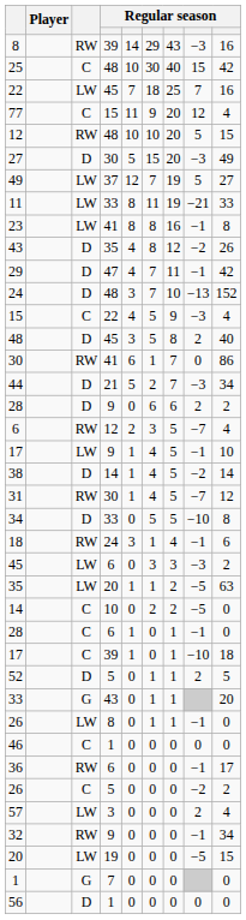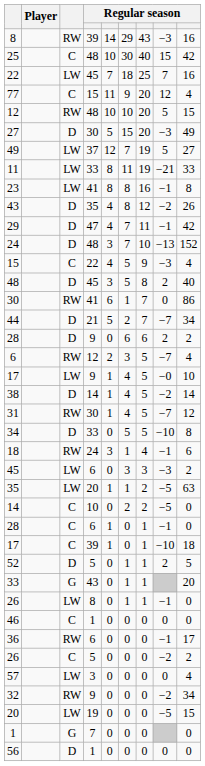 <table class="wikitable sortable plainrowheaders" style="text-align:center;">
 <tr>
 <th scope="col" data-sort-type="number" rowspan="2"></th>
 <th scope="col" rowspan="2">Player</th>
 <th scope="col" rowspan="2"></th>
 <th scope=colgroup colspan=6>Regular season</th>
 </tr>
 <tr>
 <th scope="col" data-sort-type="number"></th>
 <th scope="col" data-sort-type="number"></th>
 <th scope="col" data-sort-type="number"></th>
 <th scope="col" data-sort-type="number"></th>
 <th scope="col" data-sort-type="number"></th>
 <th scope="col" data-sort-type="number"></th>
 </tr>
 <tr>
 <td scope="row">8</td>
 <td align="left"></td>
 <td>RW</td>
 <td>39</td>
 <td>14</td>
 <td>29</td>
 <td>43</td>
 <td>−3</td>
 <td>16</td>
 </tr>
 <tr>
 <td scope="row">25</td>
 <td align="left"></td>
 <td>C</td>
 <td>48</td>
 <td>10</td>
 <td>30</td>
 <td>40</td>
 <td>15</td>
 <td>42</td>
 </tr>
 <tr>
 <td scope="row">22</td>
 <td align="left"></td>
 <td>LW</td>
 <td>45</td>
 <td>7</td>
 <td>18</td>
 <td>25</td>
 <td>7</td>
 <td>16</td>
 </tr>
 <tr>
 <td scope="row">77</td>
 <td align="left"></td>
 <td>C</td>
 <td>15</td>
 <td>11</td>
 <td>9</td>
 <td>20</td>
 <td>12</td>
 <td>4</td>
 </tr>
 <tr>
 <td scope="row">12</td>
 <td align="left"></td>
 <td>RW</td>
 <td>48</td>
 <td>10</td>
 <td>10</td>
 <td>20</td>
 <td>5</td>
 <td>15</td>
 </tr>
 <tr>
 <td scope="row">27</td>
 <td align="left"></td>
 <td>D</td>
 <td>30</td>
 <td>5</td>
 <td>15</td>
 <td>20</td>
 <td>−3</td>
 <td>49</td>
 </tr>
 <tr>
 <td scope="row">49</td>
 <td align="left"></td>
 <td>LW</td>
 <td>37</td>
 <td>12</td>
 <td>7</td>
 <td>19</td>
 <td>5</td>
 <td>27</td>
 </tr>
 <tr>
 <td scope="row">11</td>
 <td align="left"></td>
 <td>LW</td>
 <td>33</td>
 <td>8</td>
 <td>11</td>
 <td>19</td>
 <td>−21</td>
 <td>33</td>
 </tr>
 <tr>
 <td scope="row">23</td>
 <td align="left"></td>
 <td>LW</td>
 <td>41</td>
 <td>8</td>
 <td>8</td>
 <td>16</td>
 <td>−1</td>
 <td>8</td>
 </tr>
 <tr>
 <td scope="row">43</td>
 <td align="left"></td>
 <td>D</td>
 <td>35</td>
 <td>4</td>
 <td>8</td>
 <td>12</td>
 <td>−2</td>
 <td>26</td>
 </tr>
 <tr>
 <td scope="row">29</td>
 <td align="left"></td>
 <td>D</td>
 <td>47</td>
 <td>4</td>
 <td>7</td>
 <td>11</td>
 <td>−1</td>
 <td>42</td>
 </tr>
 <tr>
 <td scope="row">24</td>
 <td align="left"></td>
 <td>D</td>
 <td>48</td>
 <td>3</td>
 <td>7</td>
 <td>10</td>
 <td>−13</td>
 <td>152</td>
 </tr>
 <tr>
 <td scope="row">15</td>
 <td align="left"></td>
 <td>C</td>
 <td>22</td>
 <td>4</td>
 <td>5</td>
 <td>9</td>
 <td>−3</td>
 <td>4</td>
 </tr>
 <tr>
 <td scope="row">48</td>
 <td align="left"></td>
 <td>D</td>
 <td>45</td>
 <td>3</td>
 <td>5</td>
 <td>8</td>
 <td>2</td>
 <td>40</td>
 </tr>
 <tr>
 <td scope="row">30</td>
 <td align="left"></td>
 <td>RW</td>
 <td>41</td>
 <td>6</td>
 <td>1</td>
 <td>7</td>
 <td>0</td>
 <td>86</td>
 </tr>
 <tr>
 <td scope="row">44</td>
 <td align="left"></td>
 <td>D</td>
 <td>21</td>
 <td>5</td>
 <td>2</td>
 <td>7</td>
-<td>−3</td>
+<td>−7</td>
 <td>34</td>
 </tr>
 <tr>
 <td scope="row">28</td>
 <td align="left"></td>
 <td>D</td>
 <td>9</td>
 <td>0</td>
 <td>6</td>
 <td>6</td>
 <td>2</td>
 <td>2</td>
 </tr>
 <tr>
 <td scope="row">6</td>
 <td align="left"></td>
 <td>RW</td>
 <td>12</td>
 <td>2</td>
 <td>3</td>
 <td>5</td>
 <td>−7</td>
 <td>4</td>
 </tr>
 <tr>
 <td scope="row">17</td>
 <td align="left"></td>
 <td>LW</td>
 <td>9</td>
 <td>1</td>
 <td>4</td>
 <td>5</td>
-<td>−1</td>
+<td>−0</td>
 <td>10</td>
 </tr>
 <tr>
 <td scope="row">38</td>
 <td align="left"></td>
 <td>D</td>
 <td>14</td>
 <td>1</td>
 <td>4</td>
 <td>5</td>
 <td>−2</td>
 <td>14</td>
 </tr>
 <tr>
 <td scope="row">31</td>
 <td align="left"></td>
 <td>RW</td>
 <td>30</td>
 <td>1</td>
 <td>4</td>
 <td>5</td>
 <td>−7</td>
 <td>12</td>
 </tr>
 <tr>
 <td scope="row">34</td>
 <td align="left"></td>
 <td>D</td>
 <td>33</td>
 <td>0</td>
 <td>5</td>
 <td>5</td>
 <td>−10</td>
 <td>8</td>
 </tr>
 <tr>
 <td scope="row">18</td>
 <td align="left"></td>
 <td>RW</td>
 <td>24</td>
 <td>3</td>
 <td>1</td>
 <td>4</td>
 <td>−1</td>
 <td>6</td>
 </tr>
 <tr>
 <td scope="row">45</td>
 <td align="left"></td>
 <td>LW</td>
 <td>6</td>
 <td>0</td>
 <td>3</td>
 <td>3</td>
 <td>−3</td>
 <td>2</td>
 </tr>
 <tr>
 <td scope="row">35</td>
 <td align="left"></td>
 <td>LW</td>
 <td>20</td>
 <td>1</td>
 <td>1</td>
 <td>2</td>
 <td>−5</td>
 <td>63</td>
 </tr>
 <tr>
 <td scope="row">14</td>
 <td align="left"></td>
 <td>C</td>
 <td>10</td>
 <td>0</td>
 <td>2</td>
 <td>2</td>
 <td>−5</td>
 <td>0</td>
 </tr>
 <tr>
 <td scope="row">28</td>
 <td align="left"></td>
 <td>C</td>
 <td>6</td>
 <td>1</td>
 <td>0</td>
 <td>1</td>
 <td>−1</td>
 <td>0</td>
 </tr>
 <tr>
 <td scope="row">17</td>
 <td align="left"></td>
 <td>C</td>
 <td>39</td>
 <td>1</td>
 <td>0</td>
 <td>1</td>
 <td>−10</td>
 <td>18</td>
 </tr>
 <tr>
 <td scope="row">52</td>
 <td align="left"></td>
 <td>D</td>
 <td>5</td>
 <td>0</td>
 <td>1</td>
 <td>1</td>
 <td>2</td>
 <td>5</td>
 </tr>
 <tr>
 <td scope="row">33</td>
 <td align="left"></td>
 <td>G</td>
 <td>43</td>
 <td>0</td>
 <td>1</td>
 <td>1</td>
 <td style="background:#ccc"></td>
 <td>20</td>
 </tr>
 <tr>
 <td scope="row">26</td>
 <td align="left"></td>
 <td>LW</td>
 <td>8</td>
 <td>0</td>
 <td>1</td>
 <td>1</td>
 <td>−1</td>
 <td>0</td>
 </tr>
 <tr>
 <td scope="row">46</td>
 <td align="left"></td>
 <td>C</td>
 <td>1</td>
 <td>0</td>
 <td>0</td>
 <td>0</td>
 <td>0</td>
 <td>0</td>
 </tr>
 <tr>
 <td scope="row">36</td>
 <td align="left"></td>
 <td>RW</td>
 <td>6</td>
 <td>0</td>
 <td>0</td>
 <td>0</td>
 <td>−1</td>
 <td>17</td>
 </tr>
 <tr>
 <td scope="row">26</td>
 <td align="left"></td>
 <td>C</td>
 <td>5</td>
 <td>0</td>
 <td>0</td>
 <td>0</td>
 <td>−2</td>
 <td>2</td>
 </tr>
 <tr>
 <td scope="row">57</td>
 <td align="left"></td>
 <td>LW</td>
 <td>3</td>
 <td>0</td>
 <td>0</td>
 <td>0</td>
-<td>2</td>
+<td>0</td>
 <td>4</td>
 </tr>
 <tr>
 <td scope="row">32</td>
 <td align="left"></td>
 <td>RW</td>
 <td>9</td>
 <td>0</td>
 <td>0</td>
 <td>0</td>
-<td>−1</td>
+<td>−2</td>
 <td>34</td>
 </tr>
 <tr>
 <td scope="row">20</td>
 <td align="left"></td>
 <td>LW</td>
 <td>19</td>
 <td>0</td>
 <td>0</td>
 <td>0</td>
 <td>−5</td>
 <td>15</td>
 </tr>
 <tr>
 <td scope="row">1</td>
 <td align="left"></td>
 <td>G</td>
 <td>7</td>
 <td>0</td>
 <td>0</td>
 <td>0</td>
 <td style="background:#ccc"></td>
 <td>0</td>
 </tr>
 <tr>
 <td scope="row">56</td>
 <td align="left"></td>
 <td>D</td>
 <td>1</td>
 <td>0</td>
 <td>0</td>
 <td>0</td>
 <td>0</td>
 <td>0</td>
 </tr>
 </table>
